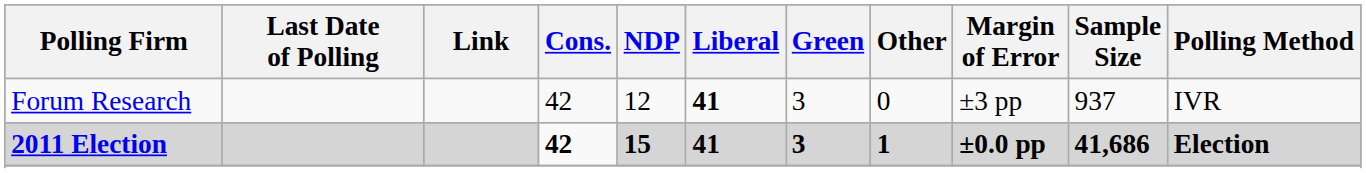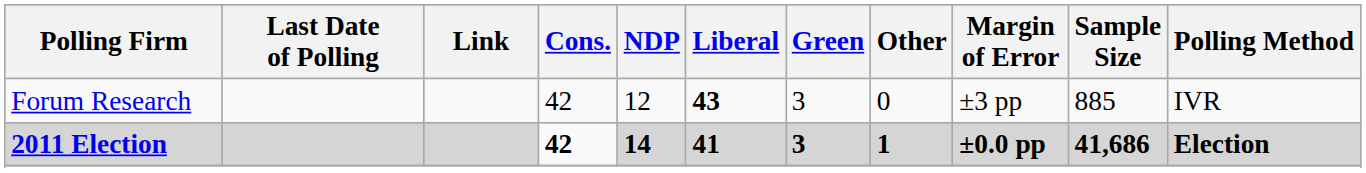 <table class="wikitable sortable">
 <tr style="background:#e9e9e9;">
 <th style="width:120px">Polling Firm</th>
 <th style="width:110px">Last Date<br>of Polling</th>
 <th style="width:60px" class="unsortable">Link</th>
 <th style="background-color:"><strong><a href='#'>Cons.</a></strong></th>
 <th style="background-color:"><strong><a href='#'>NDP</a></strong></th>
 <th style="background-color:"><strong><a href='#'>Liberal</a></strong></th>
 <th style="background-color:"><strong><a href='#'>Green</a></strong></th>
 <th style="background-color:"><strong>Other</strong></th>
 <th style="width:60px;" class=unsortable>Margin<br>of Error</th>
 <th style="width:50px;" class=unsortable>Sample<br>Size</th>
 <th class=unsortable>Polling Method</th>
 </tr>
 <tr>
 <td><a href='#'>Forum Research</a></td>
 <td></td>
 <td></td>
 <td>42</td>
 <td>12</td>
-<td><strong>41</strong></td>
+<td><strong>43</strong></td>
 <td>3</td>
 <td>0</td>
 <td>±3 pp</td>
-<td>937</td>
+<td>885</td>
 <td>IVR</td>
 </tr>
 <tr>
 <td style="background:#D5D5D5"><strong><a href='#'>2011 Election</a></strong></td>
 <td style="background:#D5D5D5"><strong></strong></td>
 <td style="background:#D5D5D5"></td>
 <td><strong>42</strong></td>
-<td style="background:#D5D5D5"><strong>15</strong></td>
+<td style="background:#D5D5D5"><strong>14</strong></td>
 <td style="background:#D5D5D5"><strong>41</strong></td>
 <td style="background:#D5D5D5"><strong>3</strong></td>
 <td style="background:#D5D5D5"><strong>1</strong></td>
 <td style="background:#D5D5D5"><strong>±0.0 pp</strong></td>
 <td style="background:#D5D5D5"><strong>41,686</strong></td>
 <td style="background:#D5D5D5"><strong>Election</strong></td>
 </tr>
 <tr>
 </tr>
 <tr>
 </tr>
 </table>
